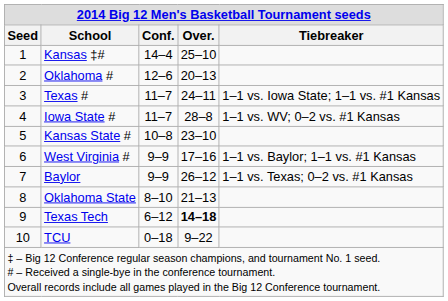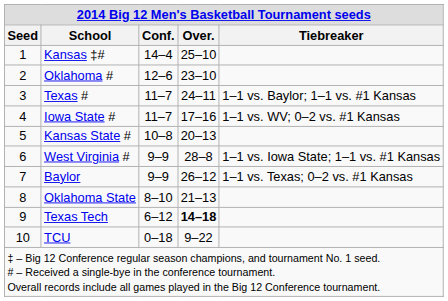 <table class="wikitable" style="white-space:nowrap; font-size:90%;text-align:center">
 <tr>
 <td colspan="10" style="text-align:center; background:#DDDDDD; font:#000000"><strong><a href='#'>2014 Big 12 Men's Basketball Tournament seeds</a></strong></td>
 </tr>
 <tr bgcolor="#efefef">
 <th>Seed</th>
 <th>School</th>
 <th>Conf.</th>
 <th>Over.</th>
 <th>Tiebreaker</th>
 </tr>
 <tr>
 <td>1</td>
 <td align=left><a href='#'>Kansas</a> ‡#</td>
 <td>14–4</td>
 <td>25–10</td>
 <td></td>
 </tr>
 <tr>
 <td>2</td>
 <td align=left><a href='#'>Oklahoma</a> #</td>
 <td>12–6</td>
-<td>20–13</td>
+<td>23–10</td>
 <td></td>
 </tr>
 <tr>
 <td>3</td>
 <td align=left><a href='#'>Texas</a> #</td>
 <td>11–7</td>
 <td>24–11</td>
-<td align=left>1–1 vs. Iowa State; 1–1 vs. #1 Kansas</td>
+<td align=left>1–1 vs. Baylor; 1–1 vs. #1 Kansas</td>
 </tr>
 <tr>
 <td>4</td>
 <td align=left><a href='#'>Iowa State</a> #</td>
 <td>11–7</td>
-<td>28–8</td>
+<td>17–16</td>
 <td align=left>1–1 vs. WV; 0–2 vs. #1 Kansas</td>
 </tr>
 <tr>
 <td>5</td>
 <td align=left><a href='#'>Kansas State</a> #</td>
 <td>10–8</td>
-<td>23–10</td>
+<td>20–13</td>
 <td></td>
 </tr>
 <tr>
 <td>6</td>
 <td align=left><a href='#'>West Virginia</a> #</td>
 <td>9–9</td>
-<td>17–16</td>
-<td align=left>1–1 vs. Baylor; 1–1 vs. #1 Kansas</td>
+<td>28–8</td>
+<td align=left>1–1 vs. Iowa State; 1–1 vs. #1 Kansas</td>
 </tr>
 <tr>
 <td>7</td>
 <td align=left><a href='#'>Baylor</a></td>
 <td>9–9</td>
 <td>26–12</td>
 <td align=left>1–1 vs. Texas; 0–2 vs. #1 Kansas</td>
 </tr>
 <tr>
 <td>8</td>
 <td align=left><a href='#'>Oklahoma State</a></td>
 <td>8–10</td>
 <td>21–13</td>
 <td></td>
 </tr>
 <tr>
 <td>9</td>
 <td align=left><a href='#'>Texas Tech</a></td>
 <td>6–12</td>
 <td><strong>14–18</strong></td>
 <td></td>
 </tr>
 <tr>
 <td>10</td>
 <td align=left><a href='#'>TCU</a></td>
 <td>0–18</td>
 <td>9–22</td>
 <td></td>
 </tr>
 <tr>
 <td colspan="10" style="text-align:left;"><small>‡ – Big 12 Conference regular season champions, and tournament No. 1 seed.<br># – Received a single-bye in the conference tournament.<br>Overall records include all games played in the Big 12 Conference tournament.</small></td>
 </tr>
 </table>
